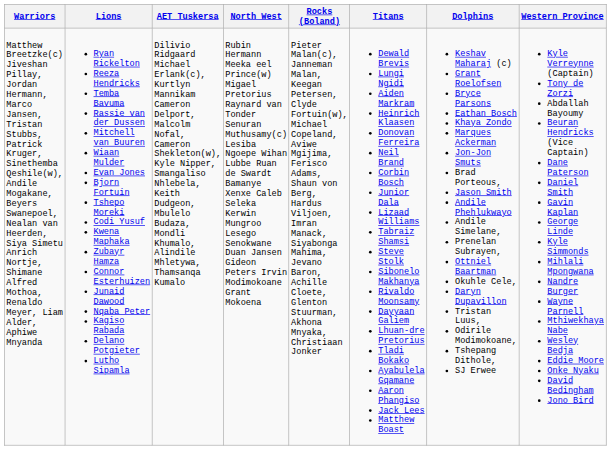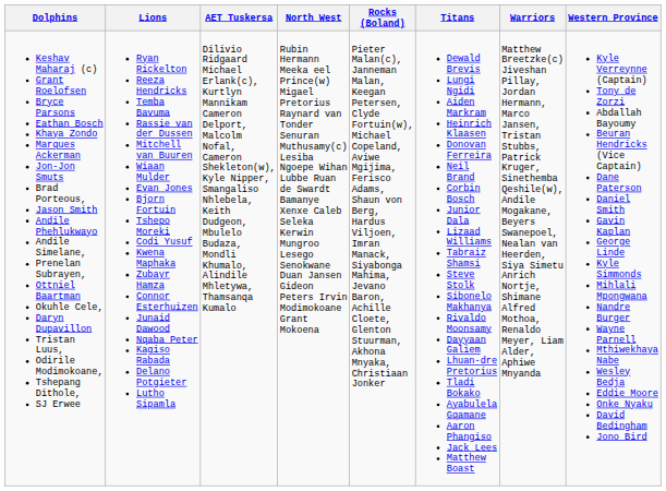 <table class="wikitable" Style="font-size:100%;">
 <tr>
-<th><a href='#'>Warriors</a></th>
+<th><a href='#'>Dolphins</a></th>
 <th><a href='#'>Lions</a></th>
 <th><a href='#'>AET Tuskersa</a></th>
 <th><a href='#'>North West</a></th>
 <th><a href='#'>Rocks (Boland)</a></th>
 <th><a href='#'>Titans</a></th>
-<th><a href='#'>Dolphins</a></th>
+<th><a href='#'>Warriors</a></th>
 <th><a href='#'>Western Province</a></th>
 </tr>
 <tr style="vertical-align:top">
-<td><br>Matthew Breetzke(c) Jiveshan Pillay, Jordan Hermann, Marco Jansen, Tristan Stubbs, Patrick Kruger, Sinethemba Qeshile(w), Andile Mogakane, Beyers Swanepoel, Nealan van Heerden, Siya Simetu Anrich Nortje, Shimane Alfred Mothoa, Renaldo Meyer, Liam Alder, Aphiwe Mnyanda</td>
+<td><br><ul><li><a href='#'>Keshav Maharaj</a> (c)</li><li><a href='#'>Grant Roelofsen</a></li><li><a href='#'>Bryce Parsons</a></li><li><a href='#'>Eathan Bosch</a></li><li><a href='#'>Khaya Zondo</a></li><li><a href='#'>Marques Ackerman</a></li><li><a href='#'>Jon-Jon Smuts</a></li><li>Brad Porteous,</li><li><a href='#'>Jason Smith</a></li><li><a href='#'>Andile Phehlukwayo</a></li><li>Andile Simelane,</li><li>Prenelan Subrayen,</li><li><a href='#'>Ottniel Baartman</a></li><li>Okuhle Cele,</li><li><a href='#'>Daryn Dupavillon</a></li><li>Tristan Luus,</li><li>Odirile Modimokoane,</li><li>Tshepang Dithole,</li><li>SJ Erwee</li></ul></td>
 <td><br><ul><li><a href='#'>Ryan Rickelton</a></li><li><a href='#'>Reeza Hendricks</a></li><li><a href='#'>Temba Bavuma</a></li><li><a href='#'>Rassie van der Dussen</a></li><li><a href='#'>Mitchell van Buuren</a></li><li><a href='#'>Wiaan Mulder</a></li><li><a href='#'>Evan Jones</a></li><li><a href='#'>Bjorn Fortuin</a></li><li><a href='#'>Tshepo Moreki</a></li><li><a href='#'>Codi Yusuf</a></li><li><a href='#'>Kwena Maphaka</a></li><li><a href='#'>Zubayr Hamza</a></li><li><a href='#'>Connor Esterhuizen</a></li><li><a href='#'>Junaid Dawood</a></li><li><a href='#'>Nqaba Peter</a></li><li><a href='#'>Kagiso Rabada</a></li><li><a href='#'>Delano Potgieter</a></li><li><a href='#'>Lutho Sipamla</a></li></ul></td>
 <td><br>Dilivio Ridgaard Michael Erlank(c),  Kurtlyn Mannikam Cameron Delport, Malcolm Nofal, Cameron Shekleton(w), Kyle Nipper, Smangaliso Nhlebela, Keith Dudgeon, Mbulelo Budaza, Mondli Khumalo, Alindile Mhletywa, Thamsanqa Kumalo</td>
 <td><br>Rubin Hermann Meeka eel Prince(w) Migael Pretorius Raynard van Tonder Senuran Muthusamy(c) Lesiba Ngoepe Wihan Lubbe Ruan de Swardt Bamanye Xenxe Caleb Seleka Kerwin Mungroo Lesego Senokwane Duan Jansen Gideon Peters Irvin Modimokoane Grant Mokoena</td>
 <td><br>Pieter Malan(c), Janneman Malan, Keegan Petersen, Clyde Fortuin(w), Michael Copeland, Aviwe Mgijima, Ferisco Adams, Shaun von Berg, Hardus Viljoen, Imran Manack, Siyabonga Mahima, Jevano Baron, Achille Cloete, Glenton Stuurman, Akhona Mnyaka, Christiaan Jonker</td>
 <td><br><ul><li><a href='#'>Dewald Brevis</a></li><li><a href='#'>Lungi Ngidi</a></li><li><a href='#'>Aiden Markram</a></li><li><a href='#'>Heinrich Klaasen</a></li><li><a href='#'>Donovan Ferreira</a></li><li><a href='#'>Neil Brand</a></li><li><a href='#'>Corbin Bosch</a></li><li><a href='#'>Junior Dala</a></li><li><a href='#'>Lizaad Williams</a></li><li><a href='#'>Tabraiz Shamsi</a></li><li><a href='#'>Steve Stolk</a></li><li><a href='#'>Sibonelo Makhanya</a></li><li><a href='#'>Rivaldo Moonsamy</a></li><li><a href='#'>Dayyaan Galiem</a></li><li><a href='#'>Lhuan-dre  Pretorius</a></li><li><a href='#'>Tladi Bokako</a></li><li><a href='#'>Ayabulela Gqamane</a></li><li><a href='#'>Aaron Phangiso</a></li><li><a href='#'>Jack Lees</a></li><li><a href='#'>Matthew Boast</a></li></ul></td>
-<td><br><ul><li><a href='#'>Keshav Maharaj</a> (c)</li><li><a href='#'>Grant Roelofsen</a></li><li><a href='#'>Bryce Parsons</a></li><li><a href='#'>Eathan Bosch</a></li><li><a href='#'>Khaya Zondo</a></li><li><a href='#'>Marques Ackerman</a></li><li><a href='#'>Jon-Jon Smuts</a></li><li>Brad Porteous,</li><li><a href='#'>Jason Smith</a></li><li><a href='#'>Andile Phehlukwayo</a></li><li>Andile Simelane,</li><li>Prenelan Subrayen,</li><li><a href='#'>Ottniel Baartman</a></li><li>Okuhle Cele,</li><li><a href='#'>Daryn Dupavillon</a></li><li>Tristan Luus,</li><li>Odirile Modimokoane,</li><li>Tshepang Dithole,</li><li>SJ Erwee</li></ul></td>
+<td><br>Matthew Breetzke(c) Jiveshan Pillay, Jordan Hermann, Marco Jansen, Tristan Stubbs, Patrick Kruger, Sinethemba Qeshile(w), Andile Mogakane, Beyers Swanepoel, Nealan van Heerden, Siya Simetu Anrich Nortje, Shimane Alfred Mothoa, Renaldo Meyer, Liam Alder, Aphiwe Mnyanda</td>
 <td><br><ul><li><a href='#'>Kyle Verreynne</a> (Captain)</li><li><a href='#'>Tony de Zorzi</a></li><li>Abdallah Bayoumy</li><li><a href='#'>Beuran Hendricks</a> (Vice Captain)</li><li><a href='#'>Dane Paterson</a></li><li><a href='#'>Daniel Smith</a></li><li><a href='#'>Gavin Kaplan</a></li><li><a href='#'>George Linde</a></li><li><a href='#'>Kyle Simmonds</a></li><li><a href='#'>Mihlali Mpongwana</a></li><li><a href='#'>Nandre Burger</a></li><li><a href='#'>Wayne Parnell</a></li><li><a href='#'>Mthiwekhaya Nabe</a></li><li><a href='#'>Wesley Bedja</a></li><li><a href='#'>Eddie Moore</a></li><li><a href='#'>Onke Nyaku</a></li><li><a href='#'>David Bedingham</a></li><li><a href='#'>Jono Bird</a></li></ul></td>
 </tr>
 </table>
